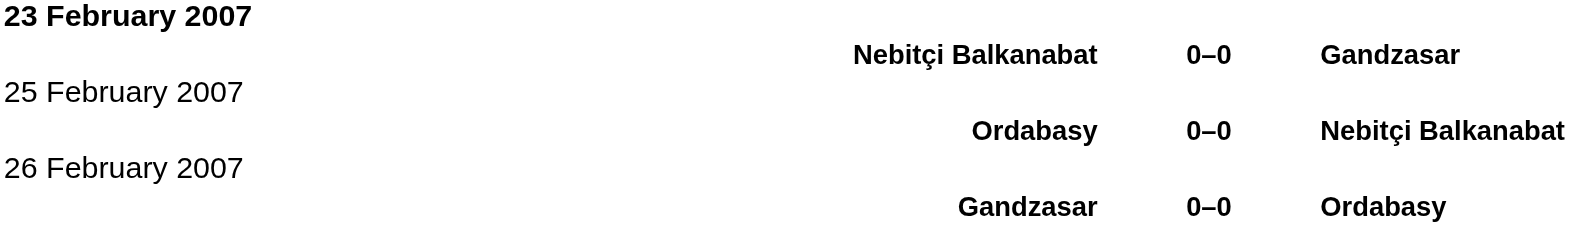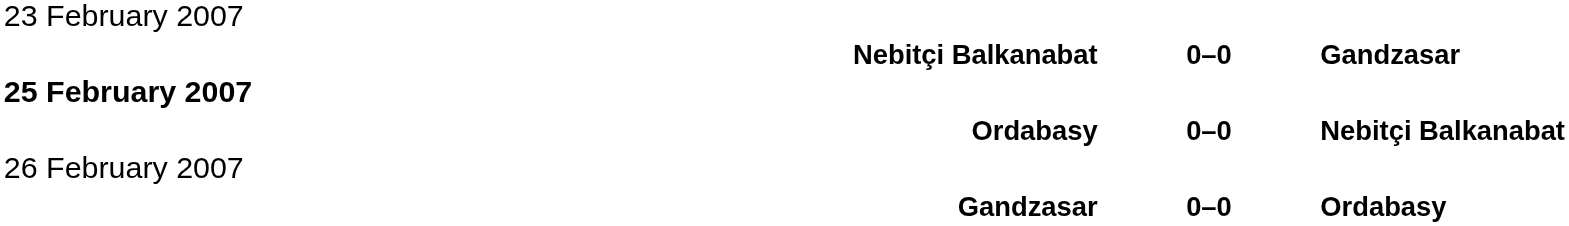 <table width=100% cellspacing=1>
 <tr>
 <th></th>
 <th></th>
 <th></th>
 </tr>
 <tr>
-<td><strong>23 February 2007</strong></td>
+<td>23 February 2007</td>
 </tr>
 <tr style=font-size:90%>
 <td align=right><strong>Nebitçi Balkanabat</strong></td>
 <td align=center><strong>0–0</strong></td>
 <td><strong>Gandzasar</strong></td>
 </tr>
 <tr>
-<td>25 February 2007</td>
+<td><strong>25 February 2007</strong></td>
 </tr>
 <tr style=font-size:90%>
 <td align=right><strong>Ordabasy</strong></td>
 <td align=center><strong>0–0</strong></td>
 <td><strong>Nebitçi Balkanabat</strong></td>
 </tr>
 <tr>
 <td>26 February 2007</td>
 </tr>
 <tr style=font-size:90%>
 <td align=right><strong>Gandzasar</strong></td>
 <td align=center><strong>0–0</strong></td>
 <td><strong>Ordabasy</strong></td>
 </tr>
 </table>
